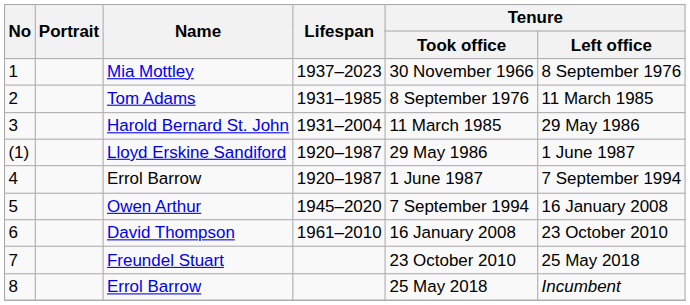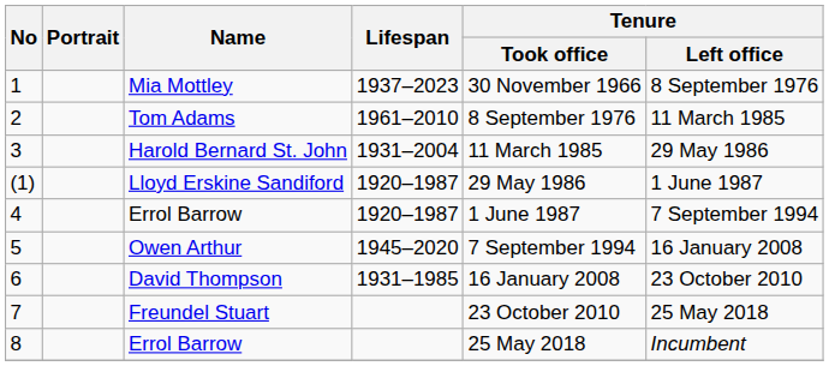 <table class="wikitable">
 <tr>
 <th scope="col" rowspan="2">No</th>
 <th scope="col" rowspan="2">Portrait</th>
 <th scope="col" rowspan="2">Name</th>
 <th scope="col" rowspan="2">Lifespan</th>
 <th scope="col" colspan="2">Tenure</th>
 </tr>
 <tr>
 <th scope="col">Took office</th>
 <th scope="col">Left office</th>
 </tr>
 <tr>
 <td>1</td>
 <td></td>
 <td><a href='#'>Mia Mottley</a></td>
 <td>1937–2023</td>
 <td>30 November 1966</td>
 <td>8 September 1976</td>
 </tr>
 <tr>
 <td>2</td>
 <td></td>
 <td><a href='#'>Tom Adams</a></td>
-<td>1931–1985</td>
+<td>1961–2010</td>
 <td>8 September 1976</td>
 <td>11 March 1985</td>
 </tr>
 <tr>
 <td>3</td>
 <td></td>
 <td><a href='#'>Harold Bernard St. John</a></td>
 <td>1931–2004</td>
 <td>11 March 1985</td>
 <td>29 May 1986</td>
 </tr>
 <tr>
 <td>(1)</td>
 <td></td>
 <td><a href='#'>Lloyd Erskine Sandiford</a></td>
 <td>1920–1987</td>
 <td>29 May 1986</td>
 <td>1 June 1987</td>
 </tr>
 <tr>
 <td>4</td>
 <td></td>
 <td>Errol Barrow</td>
 <td>1920–1987</td>
 <td>1 June 1987</td>
 <td>7 September 1994</td>
 </tr>
 <tr>
 <td>5</td>
 <td></td>
 <td><a href='#'>Owen Arthur</a></td>
 <td>1945–2020</td>
 <td>7 September 1994</td>
 <td>16 January 2008</td>
 </tr>
 <tr>
 <td>6</td>
 <td></td>
 <td><a href='#'>David Thompson</a></td>
-<td>1961–2010</td>
+<td>1931–1985</td>
 <td>16 January 2008</td>
 <td>23 October 2010</td>
 </tr>
 <tr>
 <td>7</td>
 <td></td>
 <td><a href='#'>Freundel Stuart</a></td>
 <td></td>
 <td>23 October 2010</td>
 <td>25 May 2018</td>
 </tr>
 <tr>
 <td>8</td>
 <td></td>
 <td><a href='#'>Errol Barrow</a></td>
 <td></td>
 <td>25 May 2018</td>
 <td><em>Incumbent</em></td>
 </tr>
 <tr>
 </tr>
 </table>
